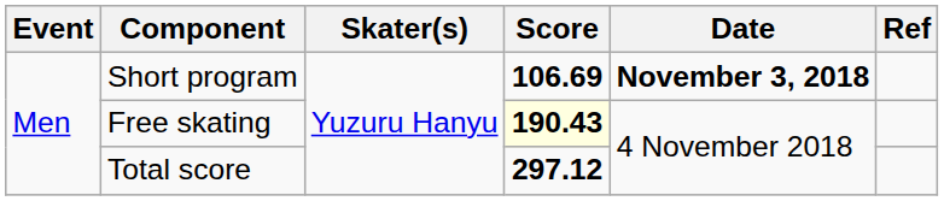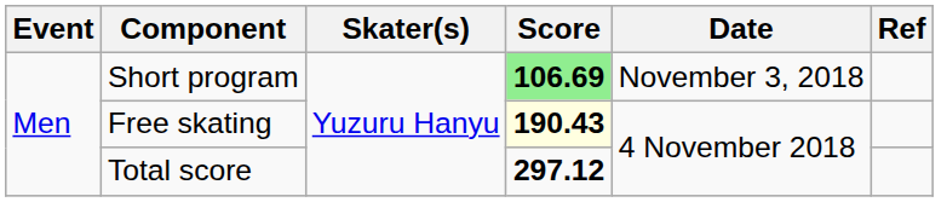 <table class="wikitable sortable">
 <tr>
 <th>Event</th>
 <th>Component</th>
 <th>Skater(s)</th>
 <th>Score</th>
 <th>Date</th>
 <th>Ref</th>
 </tr>
 <tr>
 <td rowspan=3><a href='#'>Men</a></td>
 <td>Short program</td>
 <td rowspan=3> <a href='#'>Yuzuru Hanyu</a></td>
-<td><strong>106.69</strong></td>
-<td><strong>November 3, 2018</strong></td>
+<td style="background: lightgreen;"><strong>106.69</strong></td>
+<td>November 3, 2018</td>
 <td></td>
 </tr>
 <tr>
 <td>Free skating</td>
 <td style="background: lightyellow;"><strong>190.43</strong></td>
 <td rowspan=2>4 November 2018</td>
 <td></td>
 </tr>
 <tr>
 <td>Total score</td>
 <td><strong>297.12</strong></td>
 <td></td>
 </tr>
 </table>
